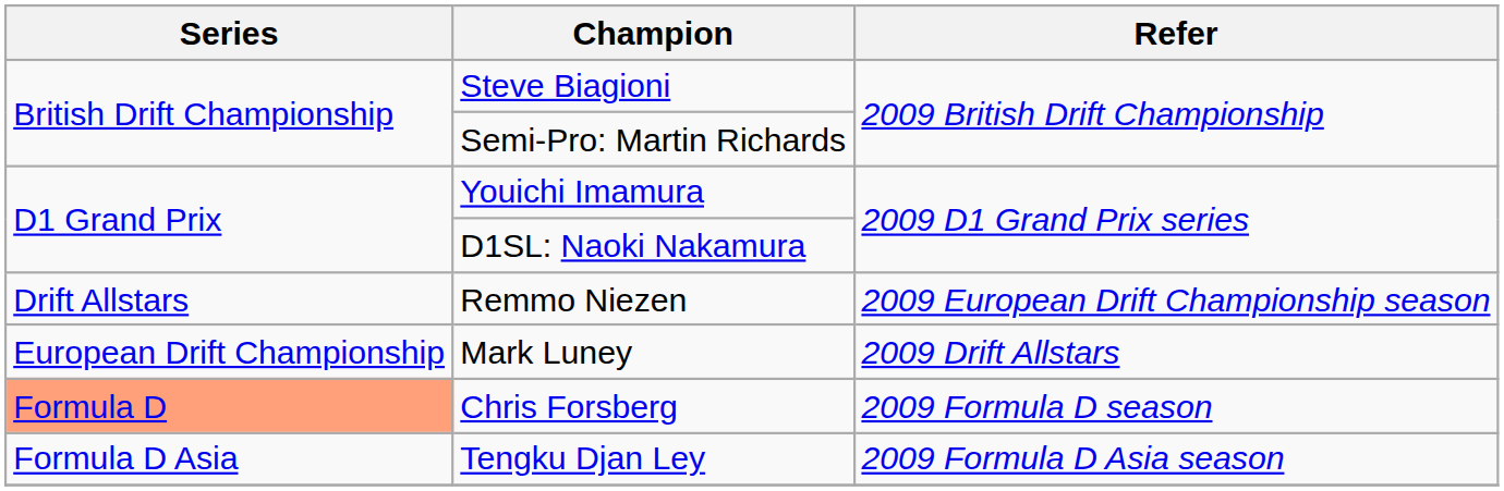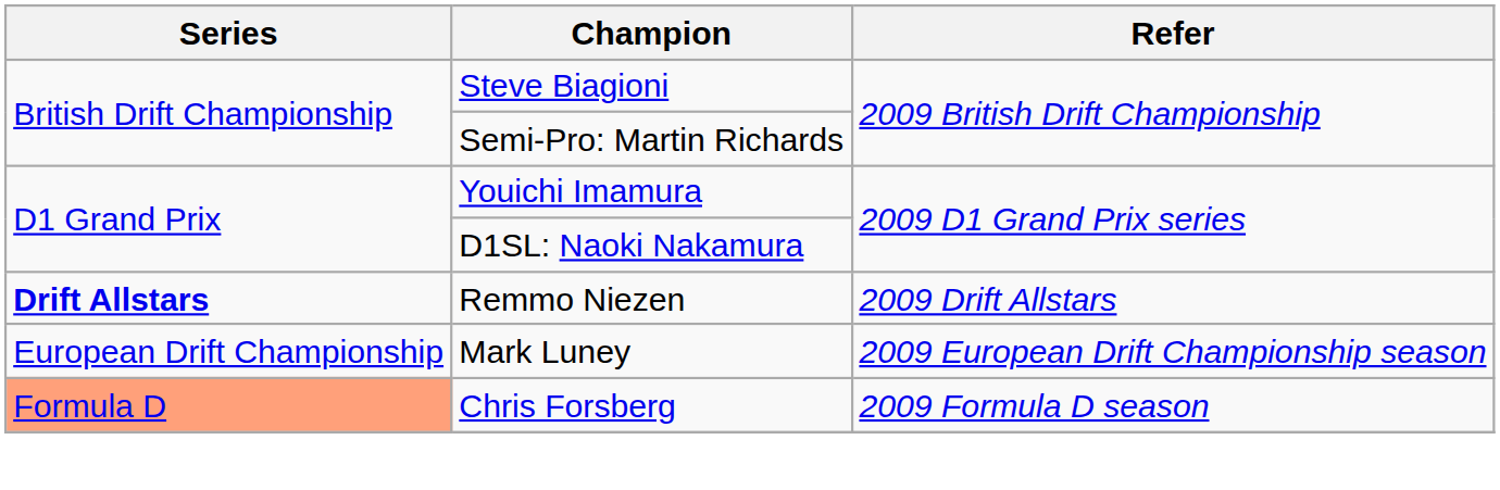 <table class="wikitable" style="font-size:87%;">
 <tr>
 <th>Series</th>
 <th>Champion</th>
 <th>Refer</th>
 </tr>
 <tr>
 <td rowspan=2><a href='#'>British Drift Championship</a></td>
 <td> <a href='#'>Steve Biagioni</a></td>
 <td rowspan=2><em><a href='#'>2009 British Drift Championship</a></em></td>
 </tr>
 <tr>
 <td>Semi-Pro:  Martin Richards</td>
 </tr>
 <tr>
 <td rowspan=2><a href='#'>D1 Grand Prix</a></td>
 <td> <a href='#'>Youichi Imamura</a></td>
 <td rowspan=2><em><a href='#'>2009 D1 Grand Prix series</a></em></td>
 </tr>
 <tr>
 <td>D1SL:  <a href='#'>Naoki Nakamura</a></td>
 </tr>
 <tr>
-<td><a href='#'>Drift Allstars</a></td>
+<td><strong><a href='#'>Drift Allstars</a></strong></td>
 <td> Remmo Niezen</td>
-<td><em><a href='#'>2009 European Drift Championship season</a></em></td>
+<td><em><a href='#'>2009 Drift Allstars</a></em></td>
 </tr>
 <tr>
 <td><a href='#'>European Drift Championship</a></td>
 <td> Mark Luney</td>
-<td><em><a href='#'>2009 Drift Allstars</a></em></td>
+<td><em><a href='#'>2009 European Drift Championship season</a></em></td>
 </tr>
 <tr>
 <td style="background: lightsalmon;"><a href='#'>Formula D</a></td>
 <td> <a href='#'>Chris Forsberg</a></td>
 <td><em><a href='#'>2009 Formula D season</a></em></td>
 </tr>
 <tr>
-<td><a href='#'>Formula D Asia</a></td>
-<td> <a href='#'>Tengku Djan Ley</a></td>
-<td><em><a href='#'>2009 Formula D Asia season</a></em></td>
-</tr>
-<tr>
 </tr>
 </table>
